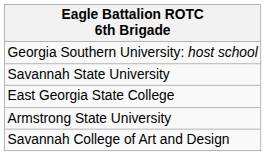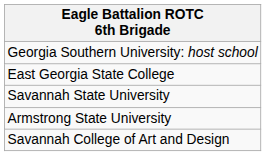 <table class="wikitable">
 <tr>
 <th>Eagle Battalion ROTC<br> 6th Brigade</th>
 </tr>
 <tr>
 <td>Georgia Southern University:<em> host school</em></td>
 </tr>
 <tr>
-<td>Savannah State University</td>
+<td>East Georgia State College</td>
 </tr>
 <tr>
-<td>East Georgia State College</td>
+<td>Savannah State University</td>
 </tr>
 <tr>
 <td>Armstrong State University</td>
 </tr>
 <tr>
 <td>Savannah College of Art and Design</td>
 </tr>
 </table>
